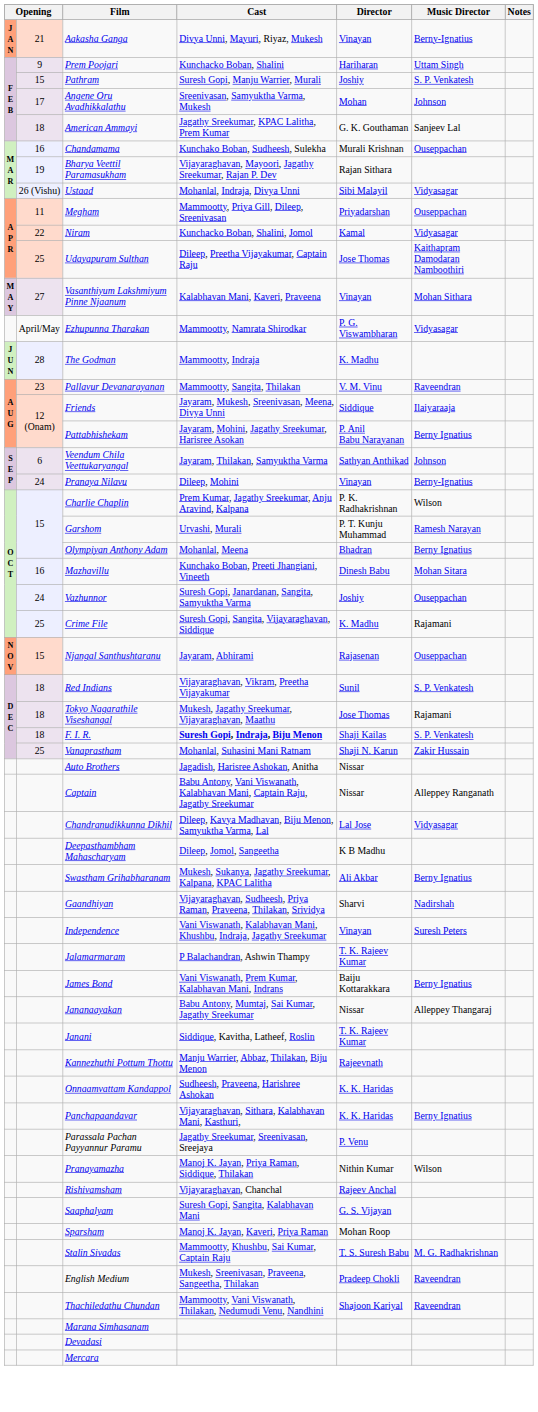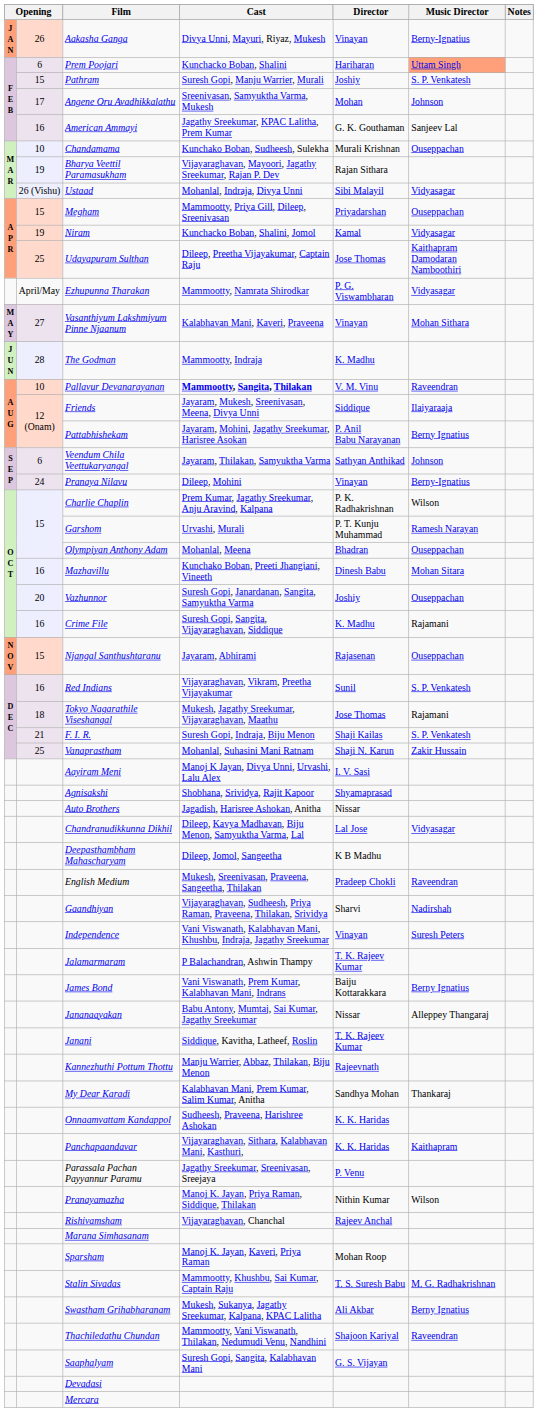 <table class="wikitable">
 <tr style="background:#000;">
 <th colspan='2'>Opening</th>
 <th>Film</th>
 <th>Cast</th>
 <th>Director</th>
 <th>Music Director</th>
 <th>Notes</th>
 </tr>
 <tr>
 <td rowspan="1" style="text-align:center; background:#ffa07a; textcolor:#000;"><small><strong>J<br>A<br>N</strong></small></td>
-<td rowspan="1"  style="text-align:center; background:#ffdacc; textcolor:#000;">21</td>
+<td rowspan="1"  style="text-align:center; background:#ffdacc; textcolor:#000;">26</td>
 <td><em><a href='#'>Aakasha Ganga</a></em></td>
 <td><a href='#'>Divya Unni</a>, <a href='#'>Mayuri</a>, Riyaz, <a href='#'>Mukesh</a></td>
 <td><a href='#'>Vinayan</a></td>
 <td><a href='#'>Berny-Ignatius</a></td>
 <td></td>
 </tr>
 <tr>
 <td rowspan="4" style="text-align:center; background:#dcc7df; textcolor:#000;"><small><strong>F<br>E<br>B</strong></small></td>
-<td rowspan="1"  style="text-align:center; background:#ede3ef; textcolor:#000;">9</td>
+<td rowspan="1"  style="text-align:center; background:#ede3ef; textcolor:#000;">6</td>
 <td><em><a href='#'>Prem Poojari</a></em></td>
 <td><a href='#'>Kunchacko Boban</a>, <a href='#'>Shalini</a></td>
 <td><a href='#'>Hariharan</a></td>
-<td><a href='#'>Uttam Singh</a></td>
+<td style="background: lightsalmon;"><a href='#'>Uttam Singh</a></td>
 <td></td>
 </tr>
 <tr>
 <td rowspan="1"  style="text-align:center; background:#ede3ef; textcolor:#000;">15</td>
 <td><em><a href='#'>Pathram</a></em></td>
 <td><a href='#'>Suresh Gopi</a>, <a href='#'>Manju Warrier</a>, <a href='#'>Murali</a></td>
 <td><a href='#'>Joshiy</a></td>
 <td><a href='#'>S. P. Venkatesh</a></td>
 <td></td>
 </tr>
 <tr>
 <td rowspan="1"  style="text-align:center; background:#ede3ef; textcolor:#000;">17</td>
 <td><em><a href='#'>Angene Oru Avadhikkalathu</a></em></td>
 <td><a href='#'>Sreenivasan</a>, <a href='#'>Samyuktha Varma</a>, <a href='#'>Mukesh</a></td>
 <td><a href='#'>Mohan</a></td>
 <td><a href='#'>Johnson</a></td>
 <td></td>
 </tr>
 <tr>
-<td rowspan="1"  style="text-align:center; background:#ede3ef; textcolor:#000;">18</td>
+<td rowspan="1"  style="text-align:center; background:#ede3ef; textcolor:#000;">16</td>
 <td><em><a href='#'>American Ammayi</a></em></td>
 <td><a href='#'>Jagathy Sreekumar</a>, <a href='#'>KPAC Lalitha</a>, <a href='#'>Prem Kumar</a></td>
 <td>G. K. Gouthaman</td>
 <td>Sanjeev Lal</td>
 <td></td>
 </tr>
 <tr>
 <td rowspan="3" style="text-align:center; background:#d0f0c0; textcolor:#000;"><small><strong>M<br>A<br>R</strong></small></td>
-<td rowspan="1"  style="text-align:center; background:#edefff; textcolor:#000;">16</td>
+<td rowspan="1"  style="text-align:center; background:#edefff; textcolor:#000;">10</td>
 <td><em><a href='#'>Chandamama</a></em></td>
 <td><a href='#'>Kunchako Boban</a>, <a href='#'>Sudheesh</a>, Sulekha</td>
 <td>Murali Krishnan</td>
 <td><a href='#'>Ouseppachan</a></td>
 <td></td>
 </tr>
 <tr>
 <td rowspan="1"  style="text-align:center; background:#edefff; textcolor:#000;">19</td>
 <td><em><a href='#'>Bharya Veettil Paramasukham</a></em></td>
 <td><a href='#'>Vijayaraghavan</a>, <a href='#'>Mayoori</a>, <a href='#'>Jagathy Sreekumar</a>, <a href='#'>Rajan P. Dev</a></td>
 <td>Rajan Sithara</td>
 <td></td>
 <td></td>
 </tr>
 <tr>
 <td rowspan="1"  style="text-align:center; background:#edefff; textcolor:#000;">26 (Vishu)</td>
 <td><em><a href='#'>Ustaad</a></em></td>
 <td><a href='#'>Mohanlal</a>, <a href='#'>Indraja</a>, <a href='#'>Divya Unni</a></td>
 <td><a href='#'>Sibi Malayil</a></td>
 <td><a href='#'>Vidyasagar</a></td>
 <td></td>
 </tr>
 <tr>
 <td rowspan="3" style="text-align:center; background:#ffa07a; textcolor:#000;"><small><strong>A<br>P<br>R</strong></small></td>
-<td rowspan="1"  style="text-align:center; background:#ffdacc; textcolor:#000;">11</td>
+<td rowspan="1"  style="text-align:center; background:#ffdacc; textcolor:#000;">15</td>
 <td><em><a href='#'>Megham</a></em></td>
 <td><a href='#'>Mammootty</a>, <a href='#'>Priya Gill</a>, <a href='#'>Dileep</a>, <a href='#'>Sreenivasan</a></td>
 <td><a href='#'>Priyadarshan</a></td>
 <td><a href='#'>Ouseppachan</a></td>
 <td></td>
 </tr>
 <tr>
-<td rowspan="1"  style="text-align:center; background:#ffdacc; textcolor:#000;">22</td>
+<td rowspan="1"  style="text-align:center; background:#ffdacc; textcolor:#000;">19</td>
 <td><em><a href='#'>Niram</a></em></td>
 <td><a href='#'>Kunchacko Boban</a>, <a href='#'>Shalini</a>, <a href='#'>Jomol</a></td>
 <td><a href='#'>Kamal</a></td>
 <td><a href='#'>Vidyasagar</a></td>
 <td></td>
 </tr>
 <tr>
 <td rowspan="1"  style="text-align:center; background:#ffdacc; textcolor:#000;">25</td>
 <td><em><a href='#'>Udayapuram Sulthan</a></em></td>
 <td><a href='#'>Dileep</a>, <a href='#'>Preetha Vijayakumar</a>, <a href='#'>Captain Raju</a></td>
 <td><a href='#'>Jose Thomas</a></td>
 <td><a href='#'>Kaithapram Damodaran Namboothiri</a></td>
 <td></td>
 </tr>
 <tr>
+<td></td>
+<td>April/May</td>
+<td><em><a href='#'>Ezhupunna Tharakan</a></em></td>
+<td><a href='#'>Mammootty</a>, <a href='#'>Namrata Shirodkar</a></td>
+<td><a href='#'>P. G. Viswambharan</a></td>
+<td><a href='#'>Vidyasagar</a></td>
+<td></td>
+</tr>
+<tr>
 <td rowspan="1" style="text-align:center; background:#dcc7df; textcolor:#000;"><small><strong>M<br>A<br>Y</strong></small></td>
 <td rowspan="1"  style="text-align:center; background:#ede3ef; textcolor:#000;">27</td>
 <td><em><a href='#'>Vasanthiyum Lakshmiyum Pinne Njaanum</a></em></td>
 <td><a href='#'>Kalabhavan Mani</a>, <a href='#'>Kaveri</a>, <a href='#'>Praveena</a></td>
 <td><a href='#'>Vinayan</a></td>
 <td><a href='#'>Mohan Sithara</a></td>
-<td></td>
-</tr>
-<tr>
-<td></td>
-<td>April/May</td>
-<td><em><a href='#'>Ezhupunna Tharakan</a></em></td>
-<td><a href='#'>Mammootty</a>, <a href='#'>Namrata Shirodkar</a></td>
-<td><a href='#'>P. G. Viswambharan</a></td>
-<td><a href='#'>Vidyasagar</a></td>
 <td></td>
 </tr>
 <tr>
 <td rowspan="1" style="text-align:center; background:#d0f0c0; textcolor:#000;"><small><strong>J<br>U<br>N</strong></small></td>
 <td rowspan="1"  style="text-align:center; background:#edefff; textcolor:#000;">28</td>
 <td><em><a href='#'>The Godman</a></em></td>
 <td><a href='#'>Mammootty</a>, <a href='#'>Indraja</a></td>
 <td><a href='#'>K. Madhu</a></td>
 <td></td>
 <td></td>
 </tr>
 <tr>
 <td rowspan="3" style="text-align:center; background:#ffa07a; textcolor:#000;"><small><strong>A<br>U<br>G</strong></small></td>
-<td rowspan="1"  style="text-align:center; background:#ffdacc; textcolor:#000;">23</td>
+<td rowspan="1"  style="text-align:center; background:#ffdacc; textcolor:#000;">10</td>
 <td><em><a href='#'>Pallavur Devanarayanan</a></em></td>
-<td><a href='#'>Mammootty</a>, <a href='#'>Sangita</a>, <a href='#'>Thilakan</a></td>
+<td><strong><a href='#'>Mammootty</a>, <a href='#'>Sangita</a>, <a href='#'>Thilakan</a></strong></td>
 <td><a href='#'>V. M. Vinu</a></td>
 <td><a href='#'>Raveendran</a></td>
 <td></td>
 </tr>
 <tr>
 <td rowspan="2"  style="text-align:center; background:#ffdacc; textcolor:#000;">12 (Onam)</td>
 <td><em><a href='#'>Friends</a></em></td>
 <td><a href='#'>Jayaram</a>, <a href='#'>Mukesh</a>, <a href='#'>Sreenivasan</a>, <a href='#'>Meena</a>, <a href='#'>Divya Unni</a></td>
 <td><a href='#'>Siddique</a></td>
 <td><a href='#'>Ilaiyaraaja</a></td>
 <td></td>
 </tr>
 <tr>
 <td><em><a href='#'>Pattabhishekam</a></em></td>
 <td><a href='#'>Jayaram</a>, <a href='#'>Mohini</a>, <a href='#'>Jagathy Sreekumar</a>, <a href='#'>Harisree Asokan</a></td>
 <td><a href='#'>P. Anil</a> <br> <a href='#'>Babu Narayanan</a></td>
 <td><a href='#'>Berny Ignatius</a></td>
 <td></td>
 </tr>
 <tr>
 <td rowspan="2" style="text-align:center; background:#dcc7df; textcolor:#000;"><small><strong>S<br>E<br>P</strong></small></td>
 <td rowspan="1"  style="text-align:center; background:#ede3ef; textcolor:#000;">6</td>
 <td><em><a href='#'>Veendum Chila Veettukaryangal</a></em></td>
 <td><a href='#'>Jayaram</a>, <a href='#'>Thilakan</a>, <a href='#'>Samyuktha Varma</a></td>
 <td><a href='#'>Sathyan Anthikad</a></td>
 <td><a href='#'>Johnson</a></td>
 <td></td>
 </tr>
 <tr>
 <td rowspan="1"  style="text-align:center; background:#ede3ef; textcolor:#000;">24</td>
 <td><em><a href='#'>Pranaya Nilavu</a></em></td>
 <td><a href='#'>Dileep</a>, <a href='#'>Mohini</a></td>
 <td><a href='#'>Vinayan</a></td>
 <td><a href='#'>Berny-Ignatius</a></td>
 <td></td>
 </tr>
 <tr>
 <td rowspan="6" style="text-align:center; background:#d0f0c0; textcolor:#000;"><small><strong>O<br>C<br>T</strong></small></td>
 <td rowspan="3"  style="text-align:center; background:#edefff; textcolor:#000;">15</td>
 <td><em><a href='#'>Charlie Chaplin</a></em></td>
 <td><a href='#'>Prem Kumar</a>, <a href='#'>Jagathy Sreekumar</a>, <a href='#'>Anju Aravind</a>, <a href='#'>Kalpana</a></td>
 <td>P. K. Radhakrishnan</td>
 <td>Wilson</td>
 <td></td>
 </tr>
 <tr>
 <td><em><a href='#'>Garshom</a></em></td>
 <td><a href='#'>Urvashi</a>, <a href='#'>Murali</a></td>
 <td>P. T. Kunju Muhammad</td>
 <td><a href='#'>Ramesh Narayan</a></td>
 <td></td>
 </tr>
 <tr>
 <td><em><a href='#'>Olympiyan Anthony Adam</a></em></td>
 <td><a href='#'>Mohanlal</a>, <a href='#'>Meena</a></td>
 <td><a href='#'>Bhadran</a></td>
-<td><a href='#'>Berny Ignatius</a></td>
+<td><a href='#'>Ouseppachan</a></td>
 <td></td>
 </tr>
 <tr>
 <td rowspan="1"  style="text-align:center; background:#edefff; textcolor:#000;">16</td>
 <td><em><a href='#'>Mazhavillu</a></em></td>
 <td><a href='#'>Kunchako Boban</a>, <a href='#'>Preeti Jhangiani</a>, <a href='#'>Vineeth</a></td>
 <td><a href='#'>Dinesh Babu</a></td>
 <td><a href='#'>Mohan Sitara</a></td>
 <td></td>
 </tr>
 <tr>
-<td rowspan="1"  style="text-align:center; background:#edefff; textcolor:#000;">24</td>
+<td rowspan="1"  style="text-align:center; background:#edefff; textcolor:#000;">20</td>
 <td><em><a href='#'>Vazhunnor</a></em></td>
 <td><a href='#'>Suresh Gopi</a>, <a href='#'>Janardanan</a>, <a href='#'>Sangita</a>, <a href='#'>Samyuktha Varma</a></td>
 <td><a href='#'>Joshiy</a></td>
 <td><a href='#'>Ouseppachan</a></td>
 <td></td>
 </tr>
 <tr>
-<td rowspan="1"  style="text-align:center; background:#edefff; textcolor:#000;">25</td>
+<td rowspan="1"  style="text-align:center; background:#edefff; textcolor:#000;">16</td>
 <td><em><a href='#'>Crime File</a></em></td>
 <td><a href='#'>Suresh Gopi</a>, <a href='#'>Sangita</a>, <a href='#'>Vijayaraghavan</a>, <a href='#'>Siddique</a></td>
 <td><a href='#'>K. Madhu</a></td>
 <td>Rajamani</td>
 <td></td>
 </tr>
 <tr>
 <td rowspan="1" style="text-align:center; background:#ffa07a; textcolor:#000;"><small><strong>N<br>O<br>V</strong></small></td>
 <td rowspan="1"  style="text-align:center; background:#ffdacc; textcolor:#000;">15</td>
 <td><em><a href='#'>Njangal Santhushtaranu</a></em></td>
 <td><a href='#'>Jayaram</a>, <a href='#'>Abhirami</a></td>
 <td><a href='#'>Rajasenan</a></td>
 <td><a href='#'>Ouseppachan</a></td>
 <td></td>
 </tr>
 <tr>
 <td rowspan="4" style="text-align:center; background:#dcc7df; textcolor:#000;"><small><strong>D<br>E<br>C</strong></small></td>
-<td rowspan="1"  style="text-align:center; background:#ede3ef; textcolor:#000;">18</td>
+<td rowspan="1"  style="text-align:center; background:#ede3ef; textcolor:#000;">16</td>
 <td><em><a href='#'>Red Indians</a></em></td>
 <td><a href='#'>Vijayaraghavan</a>, <a href='#'>Vikram</a>, <a href='#'>Preetha Vijayakumar</a></td>
 <td><a href='#'>Sunil</a></td>
 <td><a href='#'>S. P. Venkatesh</a></td>
 <td></td>
 </tr>
 <tr>
 <td rowspan="1"  style="text-align:center; background:#ede3ef; textcolor:#000;">18</td>
 <td><em><a href='#'>Tokyo Nagarathile Viseshangal</a></em></td>
 <td><a href='#'>Mukesh</a>, <a href='#'>Jagathy Sreekumar</a>, <a href='#'>Vijayaraghavan</a>, <a href='#'>Maathu</a></td>
 <td><a href='#'>Jose Thomas</a></td>
 <td>Rajamani</td>
 <td></td>
 </tr>
 <tr>
-<td rowspan="1"  style="text-align:center; background:#ede3ef; textcolor:#000;">18</td>
+<td rowspan="1"  style="text-align:center; background:#ede3ef; textcolor:#000;">21</td>
 <td><em><a href='#'>F. I. R.</a></em></td>
-<td><strong><a href='#'>Suresh Gopi</a>, <a href='#'>Indraja</a>, <a href='#'>Biju Menon</a></strong></td>
+<td><a href='#'>Suresh Gopi</a>, <a href='#'>Indraja</a>, <a href='#'>Biju Menon</a></td>
 <td><a href='#'>Shaji Kailas</a></td>
 <td><a href='#'>S. P. Venkatesh</a></td>
 <td></td>
 </tr>
 <tr>
 <td rowspan="1"  style="text-align:center; background:#ede3ef; textcolor:#000;">25</td>
 <td><em><a href='#'>Vanaprastham</a></em></td>
 <td><a href='#'>Mohanlal</a>, <a href='#'>Suhasini Mani Ratnam</a></td>
 <td><a href='#'>Shaji N. Karun</a></td>
 <td><a href='#'>Zakir Hussain</a></td>
 <td></td>
 </tr>
 <tr>
 <td></td>
 <td></td>
-<td><em><a href='#'>Auto Brothers</a></em></td>
-<td><a href='#'>Jagadish</a>, <a href='#'>Harisree Ashokan</a>, Anitha</td>
-<td>Nissar</td>
+<td><em><a href='#'>Aayiram Meni</a></em></td>
+<td><a href='#'>Manoj K Jayan</a>, <a href='#'>Divya Unni</a>, <a href='#'>Urvashi</a>, <a href='#'>Lalu Alex</a></td>
+<td><a href='#'>I. V. Sasi</a></td>
 <td></td>
 <td></td>
 </tr>
 <tr>
 <td></td>
 <td></td>
-<td><em><a href='#'>Captain</a></em></td>
-<td><a href='#'>Babu Antony</a>, <a href='#'>Vani Viswanath</a>, <a href='#'>Kalabhavan Mani</a>, <a href='#'>Captain Raju</a>, <a href='#'>Jagathy Sreekumar</a></td>
+<td><em><a href='#'>Agnisakshi</a></em></td>
+<td><a href='#'>Shobhana</a>, <a href='#'>Srividya</a>, <a href='#'>Rajit Kapoor</a></td>
+<td><a href='#'>Shyamaprasad</a></td>
+<td></td>
+<td></td>
+</tr>
+<tr>
+<td></td>
+<td></td>
+<td><em><a href='#'>Auto Brothers</a></em></td>
+<td><a href='#'>Jagadish</a>, <a href='#'>Harisree Ashokan</a>, Anitha</td>
 <td>Nissar</td>
-<td>Alleppey Ranganath</td>
+<td></td>
 <td></td>
 </tr>
 <tr>
 <td></td>
 <td></td>
 <td><em><a href='#'>Chandranudikkunna Dikhil</a></em></td>
 <td><a href='#'>Dileep</a>, <a href='#'>Kavya Madhavan</a>, <a href='#'>Biju Menon</a>, <a href='#'>Samyuktha Varma</a>, <a href='#'>Lal</a></td>
 <td><a href='#'>Lal Jose</a></td>
 <td><a href='#'>Vidyasagar</a></td>
 <td></td>
 </tr>
 <tr>
 <td></td>
 <td></td>
 <td><em><a href='#'>Deepasthambham Mahascharyam</a></em></td>
 <td><a href='#'>Dileep</a>, <a href='#'>Jomol</a>, <a href='#'>Sangeetha</a></td>
 <td>K B Madhu</td>
 <td></td>
 <td></td>
 </tr>
 <tr>
 <td></td>
 <td></td>
-<td><em><a href='#'>Swastham Grihabharanam</a></em></td>
-<td><a href='#'>Mukesh</a>, <a href='#'>Sukanya</a>, <a href='#'>Jagathy Sreekumar</a>, <a href='#'>Kalpana</a>, <a href='#'>KPAC Lalitha</a></td>
-<td><a href='#'>Ali Akbar</a></td>
-<td><a href='#'>Berny Ignatius</a></td>
+<td><em>English Medium</em></td>
+<td><a href='#'>Mukesh</a>, <a href='#'>Sreenivasan</a>, <a href='#'>Praveena</a>, <a href='#'>Sangeetha</a>, <a href='#'>Thilakan</a></td>
+<td><a href='#'>Pradeep Chokli</a></td>
+<td><a href='#'>Raveendran</a></td>
 <td></td>
 </tr>
 <tr>
 <td></td>
 <td></td>
 <td><em><a href='#'>Gaandhiyan</a></em></td>
 <td><a href='#'>Vijayaraghavan</a>, <a href='#'>Sudheesh</a>, <a href='#'>Priya Raman</a>, <a href='#'>Praveena</a>, <a href='#'>Thilakan</a>, <a href='#'>Srividya</a></td>
 <td>Sharvi</td>
 <td><a href='#'>Nadirshah</a></td>
 <td></td>
 </tr>
 <tr>
 <td></td>
 <td></td>
 <td><em><a href='#'>Independence</a></em></td>
 <td><a href='#'>Vani Viswanath</a>, <a href='#'>Kalabhavan Mani</a>, <a href='#'>Khushbu</a>, <a href='#'>Indraja</a>, <a href='#'>Jagathy Sreekumar</a></td>
 <td><a href='#'>Vinayan</a></td>
 <td><a href='#'>Suresh Peters</a></td>
 <td></td>
 </tr>
 <tr>
 <td></td>
 <td></td>
 <td><em><a href='#'>Jalamarmaram</a></em></td>
 <td><a href='#'>P Balachandran</a>, Ashwin Thampy</td>
 <td><a href='#'>T. K. Rajeev Kumar</a></td>
 <td></td>
 <td></td>
 </tr>
 <tr>
 <td></td>
 <td></td>
 <td><em><a href='#'>James Bond</a></em></td>
 <td><a href='#'>Vani Viswanath</a>, <a href='#'>Prem Kumar</a>, <a href='#'>Kalabhavan Mani</a>, <a href='#'>Indrans</a></td>
 <td>Baiju Kottarakkara</td>
 <td><a href='#'>Berny Ignatius</a></td>
 <td></td>
 </tr>
 <tr>
 <td></td>
 <td></td>
 <td><em><a href='#'>Jananaayakan</a></em></td>
 <td><a href='#'>Babu Antony</a>, <a href='#'>Mumtaj</a>, <a href='#'>Sai Kumar</a>, <a href='#'>Jagathy Sreekumar</a></td>
 <td>Nissar</td>
 <td>Alleppey Thangaraj</td>
 <td></td>
 </tr>
 <tr>
 <td></td>
 <td></td>
 <td><em><a href='#'>Janani</a></em></td>
 <td><a href='#'>Siddique</a>, Kavitha, Latheef, <a href='#'>Roslin</a></td>
 <td><a href='#'>T. K. Rajeev Kumar</a></td>
 <td></td>
 <td></td>
 </tr>
 <tr>
 <td></td>
 <td></td>
 <td><em><a href='#'>Kannezhuthi Pottum Thottu</a></em></td>
 <td><a href='#'>Manju Warrier</a>, <a href='#'>Abbaz</a>, <a href='#'>Thilakan</a>, <a href='#'>Biju Menon</a></td>
 <td><a href='#'>Rajeevnath</a></td>
 <td></td>
 <td></td>
 </tr>
 <tr>
 <td></td>
 <td></td>
+<td><em><a href='#'>My Dear Karadi</a></em></td>
+<td><a href='#'>Kalabhavan Mani</a>, <a href='#'>Prem Kumar</a>, <a href='#'>Salim Kumar</a>, Anitha</td>
+<td>Sandhya Mohan</td>
+<td>Thankaraj</td>
+<td></td>
+</tr>
+<tr>
+<td></td>
+<td></td>
 <td><em><a href='#'>Onnaamvattam Kandappol</a></em></td>
 <td><a href='#'>Sudheesh</a>, <a href='#'>Praveena</a>, <a href='#'>Harishree Ashokan</a></td>
 <td><a href='#'>K. K. Haridas</a></td>
 <td></td>
 <td></td>
 </tr>
 <tr>
 <td></td>
 <td></td>
 <td><em><a href='#'>Panchapaandavar</a></em></td>
 <td><a href='#'>Vijayaraghavan</a>, <a href='#'>Sithara</a>, <a href='#'>Kalabhavan Mani</a>, <a href='#'>Kasthuri</a>,</td>
 <td><a href='#'>K. K. Haridas</a></td>
-<td><a href='#'>Berny Ignatius</a></td>
+<td><a href='#'>Kaithapram</a></td>
 <td></td>
 </tr>
 <tr>
 <td></td>
 <td></td>
 <td><em>Parassala Pachan Payyannur Paramu</em></td>
 <td><a href='#'>Jagathy Sreekumar</a>, <a href='#'>Sreenivasan</a>, Sreejaya</td>
 <td><a href='#'>P. Venu</a></td>
 <td></td>
 <td></td>
 </tr>
 <tr to be sorted>
 <td></td>
 <td></td>
 <td><em><a href='#'>Pranayamazha</a></em></td>
 <td><a href='#'>Manoj K. Jayan</a>, <a href='#'>Priya Raman</a>, <a href='#'>Siddique</a>, <a href='#'>Thilakan</a></td>
 <td>Nithin Kumar</td>
 <td>Wilson</td>
 <td></td>
 </tr>
 <tr>
 <td></td>
 <td></td>
 <td><em><a href='#'>Rishivamsham</a></em></td>
 <td><a href='#'>Vijayaraghavan</a>, Chanchal</td>
 <td><a href='#'>Rajeev Anchal</a></td>
 <td></td>
 <td></td>
 </tr>
 <tr>
 <td></td>
 <td></td>
-<td><em><a href='#'>Saaphalyam</a></em></td>
-<td><a href='#'>Suresh Gopi</a>, <a href='#'>Sangita</a>, <a href='#'>Kalabhavan Mani</a></td>
-<td><a href='#'>G. S. Vijayan</a></td>
+<td><em><a href='#'>Marana Simhasanam</a></em></td>
+<td></td>
+<td></td>
 <td></td>
 <td></td>
 </tr>
 <tr>
 <td></td>
 <td></td>
 <td><em><a href='#'>Sparsham</a></em></td>
 <td><a href='#'>Manoj K. Jayan</a>, <a href='#'>Kaveri</a>, <a href='#'>Priya Raman</a></td>
 <td>Mohan Roop</td>
 <td></td>
 <td></td>
 </tr>
 <tr>
 <td></td>
 <td></td>
 <td><em><a href='#'>Stalin Sivadas</a></em></td>
 <td><a href='#'>Mammootty</a>, <a href='#'>Khushbu</a>, <a href='#'>Sai Kumar</a>, <a href='#'>Captain Raju</a></td>
 <td><a href='#'>T. S. Suresh Babu</a></td>
 <td><a href='#'>M. G. Radhakrishnan</a></td>
 <td></td>
 </tr>
 <tr>
 <td></td>
 <td></td>
-<td><em>English Medium</em></td>
-<td><a href='#'>Mukesh</a>, <a href='#'>Sreenivasan</a>, <a href='#'>Praveena</a>, <a href='#'>Sangeetha</a>, <a href='#'>Thilakan</a></td>
-<td><a href='#'>Pradeep Chokli</a></td>
-<td><a href='#'>Raveendran</a></td>
+<td><em><a href='#'>Swastham Grihabharanam</a></em></td>
+<td><a href='#'>Mukesh</a>, <a href='#'>Sukanya</a>, <a href='#'>Jagathy Sreekumar</a>, <a href='#'>Kalpana</a>, <a href='#'>KPAC Lalitha</a></td>
+<td><a href='#'>Ali Akbar</a></td>
+<td><a href='#'>Berny Ignatius</a></td>
 <td></td>
 </tr>
 <tr>
 <td></td>
 <td></td>
 <td><em><a href='#'>Thachiledathu Chundan</a></em></td>
 <td><a href='#'>Mammootty</a>, <a href='#'>Vani Viswanath</a>, <a href='#'>Thilakan</a>, <a href='#'>Nedumudi Venu</a>, <a href='#'>Nandhini</a></td>
 <td><a href='#'>Shajoon Kariyal</a></td>
 <td><a href='#'>Raveendran</a></td>
 <td></td>
 </tr>
 <tr>
 <td></td>
 <td></td>
-<td><em><a href='#'>Marana Simhasanam</a></em></td>
-<td></td>
-<td></td>
+<td><em><a href='#'>Saaphalyam</a></em></td>
+<td><a href='#'>Suresh Gopi</a>, <a href='#'>Sangita</a>, <a href='#'>Kalabhavan Mani</a></td>
+<td><a href='#'>G. S. Vijayan</a></td>
 <td></td>
 <td></td>
 </tr>
 <tr>
 <td></td>
 <td></td>
 <td><em><a href='#'>Devadasi</a></em></td>
 <td></td>
 <td></td>
 <td></td>
 <td></td>
 </tr>
 <tr>
 <td></td>
 <td></td>
 <td><em><a href='#'>Mercara</a></em></td>
 <td></td>
 <td></td>
 <td></td>
 <td></td>
 </tr>
 </table>
